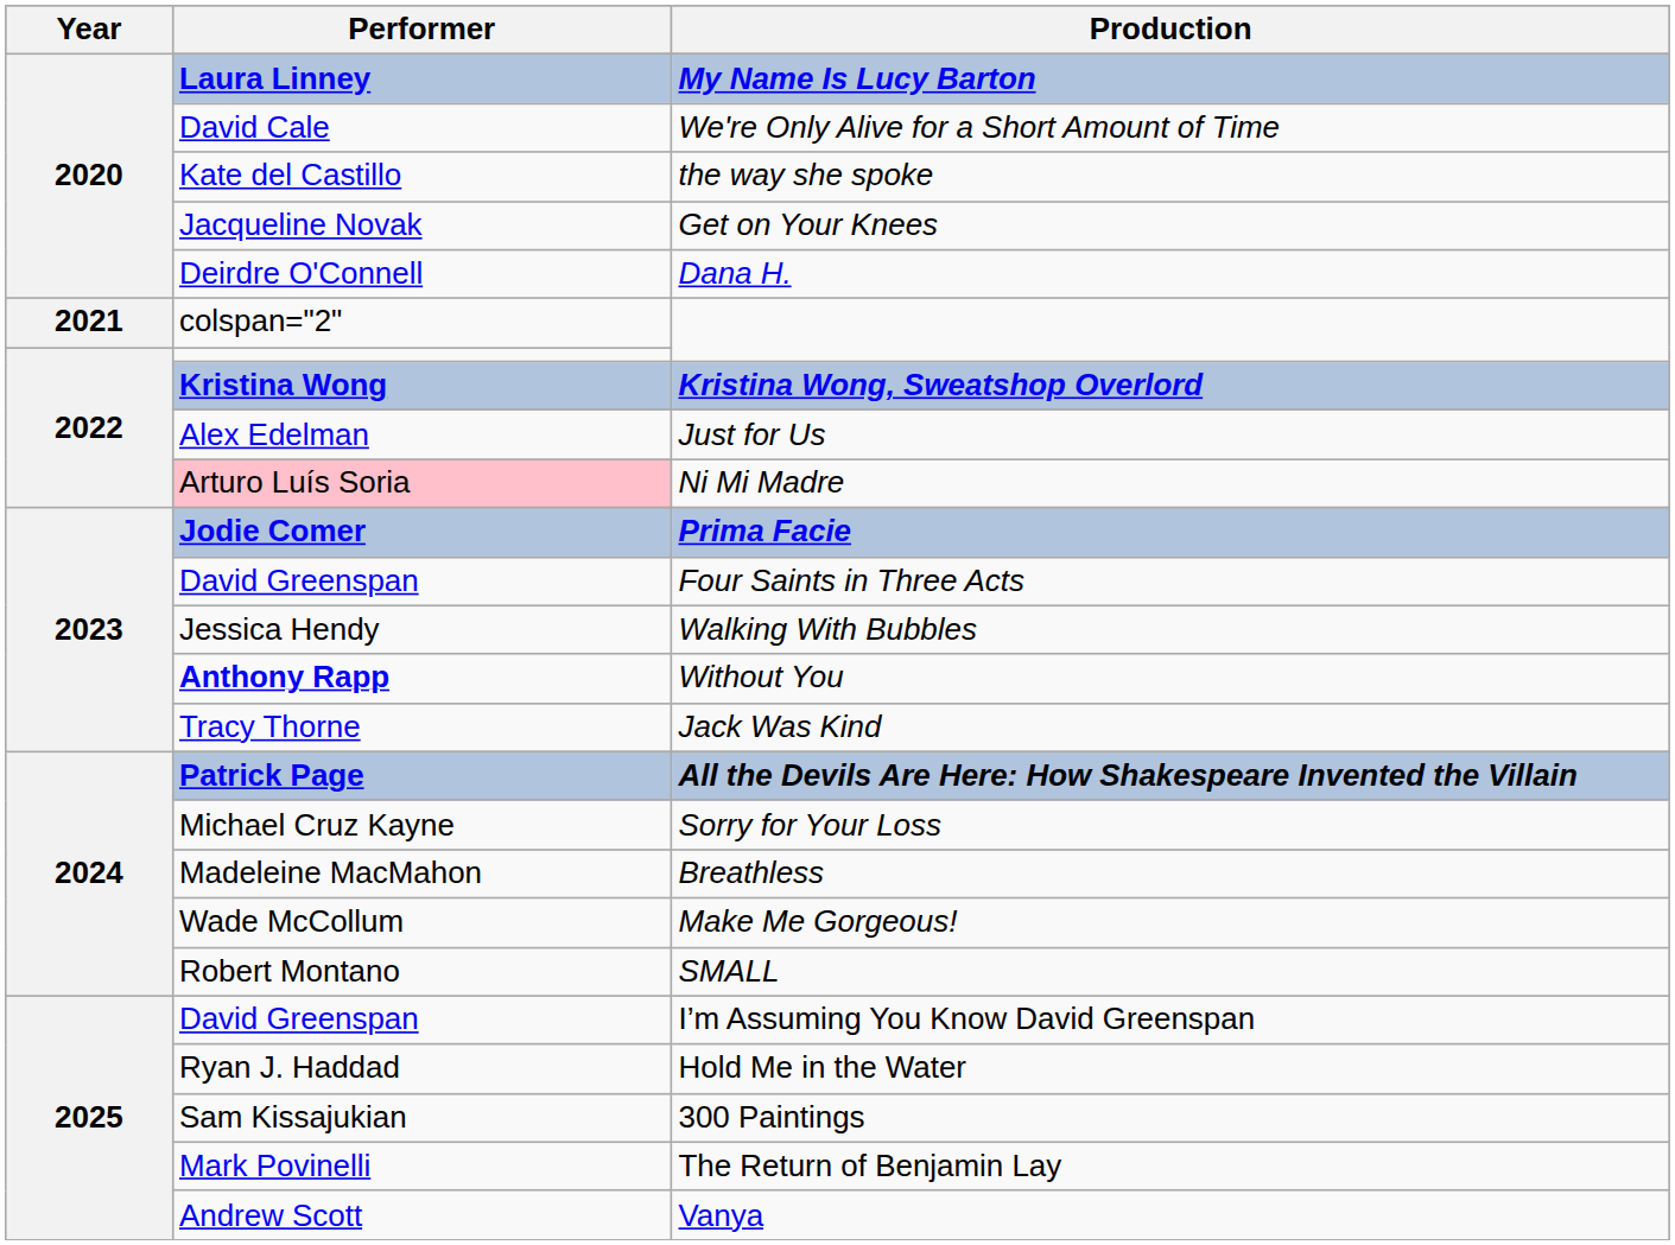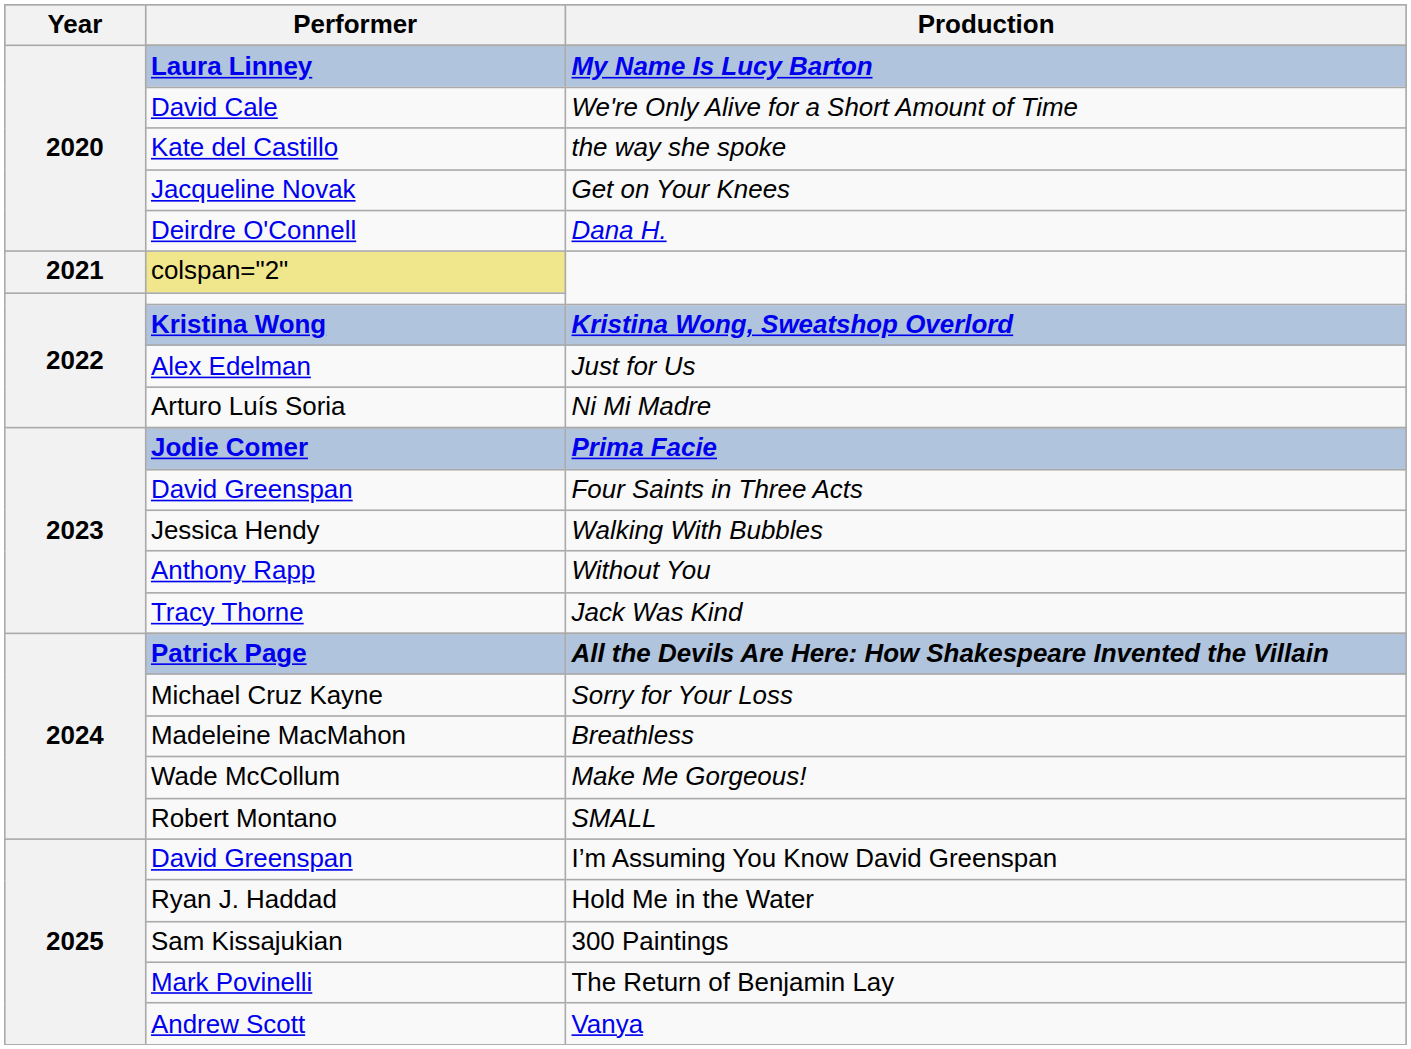 <table class="wikitable" style="width:98%;">
 <tr style="background:#bebebe;">
 <th style="width:10%;">Year</th>
 <th style="width:30%;">Performer</th>
 <th style="width:60%;">Production</th>
 </tr>
 <tr>
 <th rowspan="6">2020</th>
 </tr>
 <tr style="background:#B0C4DE">
 <td><strong><a href='#'>Laura Linney</a></strong></td>
 <td><strong><em><a href='#'>My Name Is Lucy Barton</a></em></strong></td>
 </tr>
 <tr>
 <td><a href='#'>David Cale</a></td>
 <td><em>We're Only Alive for a Short Amount of Time</em></td>
 </tr>
 <tr>
 <td><a href='#'>Kate del Castillo</a></td>
 <td><em>the way she spoke</em></td>
 </tr>
 <tr>
 <td><a href='#'>Jacqueline Novak</a></td>
 <td><em>Get on Your Knees</em></td>
 </tr>
 <tr>
 <td><a href='#'>Deirdre O'Connell</a></td>
 <td><em><a href='#'>Dana H.</a></em></td>
 </tr>
 <tr>
 <th>2021</th>
-<td>colspan="2" </td>
+<td style="background: khaki;">colspan="2" </td>
 </tr>
 <tr>
 <th rowspan="4">2022</th>
 <td></td>
 </tr>
 <tr style="background:#B0C4DE">
 <td><strong><a href='#'>Kristina Wong</a></strong></td>
 <td><strong><em><a href='#'>Kristina Wong, Sweatshop Overlord</a></em></strong></td>
 </tr>
 <tr>
 <td><a href='#'>Alex Edelman</a></td>
 <td><em>Just for Us</em></td>
 </tr>
 <tr>
-<td style="background: pink;">Arturo Luís Soria</td>
+<td>Arturo Luís Soria</td>
 <td><em>Ni Mi Madre</em></td>
 </tr>
 <tr>
 <th rowspan=6>2023</th>
 </tr>
 <tr style="background:#B0C4DE">
 <td><strong><a href='#'>Jodie Comer</a></strong></td>
 <td><strong><em><a href='#'>Prima Facie</a></em></strong></td>
 </tr>
 <tr>
 <td><a href='#'>David Greenspan</a></td>
 <td><em>Four Saints in Three Acts</em></td>
 </tr>
 <tr>
 <td>Jessica Hendy</td>
 <td><em>Walking With Bubbles</em></td>
 </tr>
 <tr>
-<td><strong><a href='#'>Anthony Rapp</a></strong></td>
+<td><a href='#'>Anthony Rapp</a></td>
 <td><em>Without You</em></td>
 </tr>
 <tr>
 <td><a href='#'>Tracy Thorne</a></td>
 <td><em>Jack Was Kind</em></td>
 </tr>
 <tr>
 <th rowspan=6>2024</th>
 </tr>
 <tr style="background:#B0C4DE">
 <td><strong><a href='#'>Patrick Page</a></strong></td>
 <td><strong><em>All the Devils Are Here: How Shakespeare Invented the Villain</em></strong></td>
 </tr>
 <tr>
 <td>Michael Cruz Kayne</td>
 <td><em>Sorry for Your Loss</em></td>
 </tr>
 <tr>
 <td>Madeleine MacMahon</td>
 <td><em>Breathless</em></td>
 </tr>
 <tr>
 <td>Wade McCollum</td>
 <td><em>Make Me Gorgeous!</em></td>
 </tr>
 <tr>
 <td>Robert Montano</td>
 <td><em>SMALL</em></td>
 </tr>
 <tr>
 <th rowspan="5">2025</th>
 <td><a href='#'>David Greenspan</a></td>
 <td>I’m Assuming You Know David Greenspan</td>
 </tr>
 <tr>
 <td>Ryan J. Haddad</td>
 <td>Hold Me in the Water</td>
 </tr>
 <tr>
 <td>Sam Kissajukian</td>
 <td>300 Paintings</td>
 </tr>
 <tr>
 <td><a href='#'>Mark Povinelli</a></td>
 <td>The Return of Benjamin Lay</td>
 </tr>
 <tr>
 <td><a href='#'>Andrew Scott</a></td>
 <td><a href='#'>Vanya</a></td>
 </tr>
 </table>
